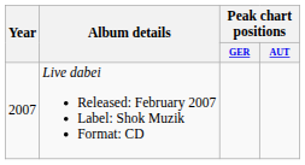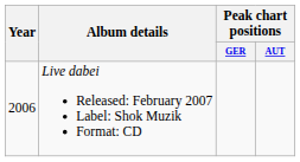 <table class="wikitable" style="text-align:center;">
 <tr>
 <th rowspan="2">Year</th>
 <th rowspan="2">Album details</th>
 <th colspan="2">Peak chart positions</th>
 </tr>
 <tr style="font-size:smaller;">
 <th width="40"><small><a href='#'>GER</a></small></th>
 <th width="40"><small><a href='#'>AUT</a></small></th>
 </tr>
 <tr>
-<td>2007</td>
+<td>2006</td>
 <td align="left"><em>Live dabei</em><br><ul><li>Released: February 2007</li><li>Label: Shok Muzik</li><li>Format: CD</li></ul></td>
 <td></td>
 <td></td>
 </tr>
 </table>
